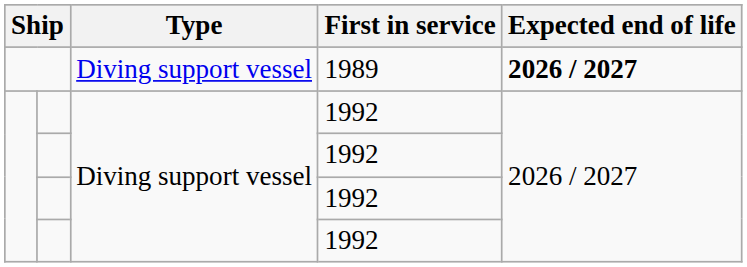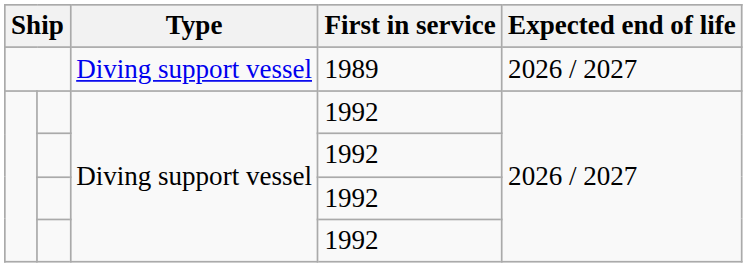 <table class="wikitable plainrowheaders">
 <tr>
 <th colspan=2>Ship</th>
 <th>Type</th>
 <th>First in service</th>
 <th>Expected end of life</th>
 </tr>
 <tr>
 <td colspan=2></td>
 <td><a href='#'>Diving support vessel</a></td>
 <td>1989</td>
-<td><strong>2026 / 2027</strong></td>
+<td>2026 / 2027</td>
 </tr>
 <tr>
 <td rowspan=4></td>
 <td></td>
 <td rowspan=4>Diving support vessel</td>
 <td>1992</td>
 <td rowspan=4>2026 / 2027</td>
 </tr>
 <tr>
 <td></td>
 <td>1992</td>
 </tr>
 <tr>
 <td></td>
 <td>1992</td>
 </tr>
 <tr>
 <td></td>
 <td>1992</td>
 </tr>
 </table>
